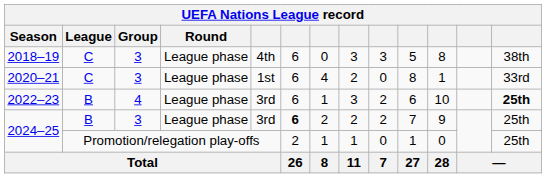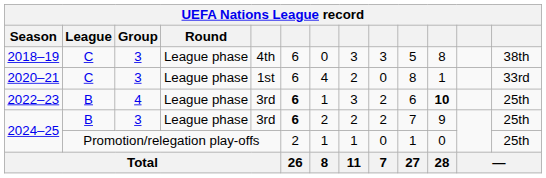 <table class="wikitable" style="text-align: center;">
 <tr>
 <th colspan=13><a href='#'>UEFA Nations League</a> record</th>
 </tr>
 <tr>
 <th>Season</th>
 <th>League</th>
 <th>Group</th>
 <th>Round</th>
 <th width=28></th>
 <th width=28></th>
 <th width=28></th>
 <th width=28></th>
 <th width=28></th>
 <th width=28></th>
 <th width=28></th>
 <th width=35></th>
 <th width=52></th>
 </tr>
 <tr>
 <td><a href='#'>2018–19</a></td>
 <td><a href='#'>C</a></td>
 <td><a href='#'>3</a></td>
 <td>League phase</td>
 <td>4th</td>
 <td>6</td>
 <td>0</td>
 <td>3</td>
 <td>3</td>
 <td>5</td>
 <td>8</td>
 <td></td>
 <td>38th</td>
 </tr>
 <tr>
 <td><a href='#'>2020–21</a></td>
 <td><a href='#'>C</a></td>
 <td><a href='#'>3</a></td>
 <td>League phase</td>
 <td>1st</td>
 <td>6</td>
 <td>4</td>
 <td>2</td>
 <td>0</td>
 <td>8</td>
 <td>1</td>
 <td></td>
 <td>33rd</td>
 </tr>
 <tr>
 <td><a href='#'>2022–23</a></td>
 <td><a href='#'>B</a></td>
 <td><a href='#'>4</a></td>
 <td>League phase</td>
 <td>3rd</td>
-<td>6</td>
+<td><strong>6</strong></td>
 <td>1</td>
 <td>3</td>
 <td>2</td>
 <td>6</td>
-<td>10</td>
+<td><strong>10</strong></td>
 <td></td>
-<td><strong>25th</strong></td>
+<td>25th</td>
 </tr>
 <tr>
 <td rowspan="2"><a href='#'>2024–25</a></td>
 <td><a href='#'>B</a></td>
 <td><a href='#'>3</a></td>
 <td>League phase</td>
 <td>3rd</td>
 <td><strong>6</strong></td>
 <td>2</td>
 <td>2</td>
 <td>2</td>
 <td>7</td>
 <td>9</td>
 <td rowspan="2"></td>
 <td>25th</td>
 </tr>
 <tr>
 <td colspan="4">Promotion/relegation play-offs</td>
 <td>2</td>
 <td>1</td>
 <td>1</td>
 <td>0</td>
 <td>1</td>
 <td>0</td>
 <td>25th</td>
 </tr>
 <tr>
 <th colspan=5>Total</th>
 <th>26</th>
 <th>8</th>
 <th>11</th>
 <th>7</th>
 <th>27</th>
 <th>28</th>
 <th colspan=2>—</th>
 </tr>
 </table>
